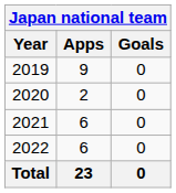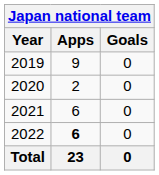 <table class="wikitable" style="text-align:center">
 <tr>
 <th colspan=3><a href='#'>Japan national team</a></th>
 </tr>
 <tr>
 <th>Year</th>
 <th>Apps</th>
 <th>Goals</th>
 </tr>
 <tr>
 <td>2019</td>
 <td>9</td>
 <td>0</td>
 </tr>
 <tr>
 <td>2020</td>
 <td>2</td>
 <td>0</td>
 </tr>
 <tr>
 <td>2021</td>
 <td>6</td>
 <td>0</td>
 </tr>
 <tr>
 <td>2022</td>
-<td>6</td>
+<td><strong>6</strong></td>
 <td>0</td>
 </tr>
 <tr>
 <th>Total</th>
 <th>23</th>
 <th>0</th>
 </tr>
 </table>
